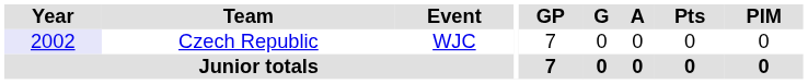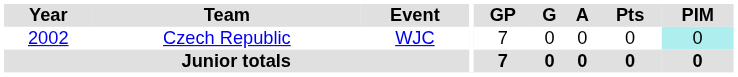 <table border="0" cellpadding="1" cellspacing="0" ID="Table3" style="text-align:center; width:40em">
 <tr ALIGN="center" bgcolor="#e0e0e0">
 <th>Year</th>
 <th>Team</th>
 <th>Event</th>
 <th rowspan="99" bgcolor="#ffffff"></th>
 <th>GP</th>
 <th>G</th>
 <th>A</th>
 <th>Pts</th>
 <th>PIM</th>
 </tr>
 <tr>
-<td style="background: lavender;"><a href='#'>2002</a></td>
+<td><a href='#'>2002</a></td>
 <td><a href='#'>Czech Republic</a></td>
 <td><a href='#'>WJC</a></td>
 <td>7</td>
 <td>0</td>
 <td>0</td>
 <td>0</td>
-<td>0</td>
+<td style="background: paleturquoise;">0</td>
 </tr>
 <tr bgcolor="#e0e0e0">
 <th colspan="3">Junior totals</th>
 <th>7</th>
 <th>0</th>
 <th>0</th>
 <th>0</th>
 <th>0</th>
 </tr>
 </table>
